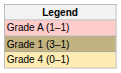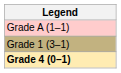 <table class="wikitable" style="font-size:85%; width:12%;">
 <tr>
 <th>Legend</th>
 </tr>
 <tr bgcolor="ffcccc">
 <td>Grade A (1–1)</td>
 </tr>
 <tr bgcolor="#C2B280">
 <td>Grade 1 (3–1)</td>
 </tr>
 <tr bgcolor="#ffecb2">
-<td>Grade 4 (0–1)</td>
+<td><strong>Grade 4 (0–1)</strong></td>
 </tr>
 </table>
